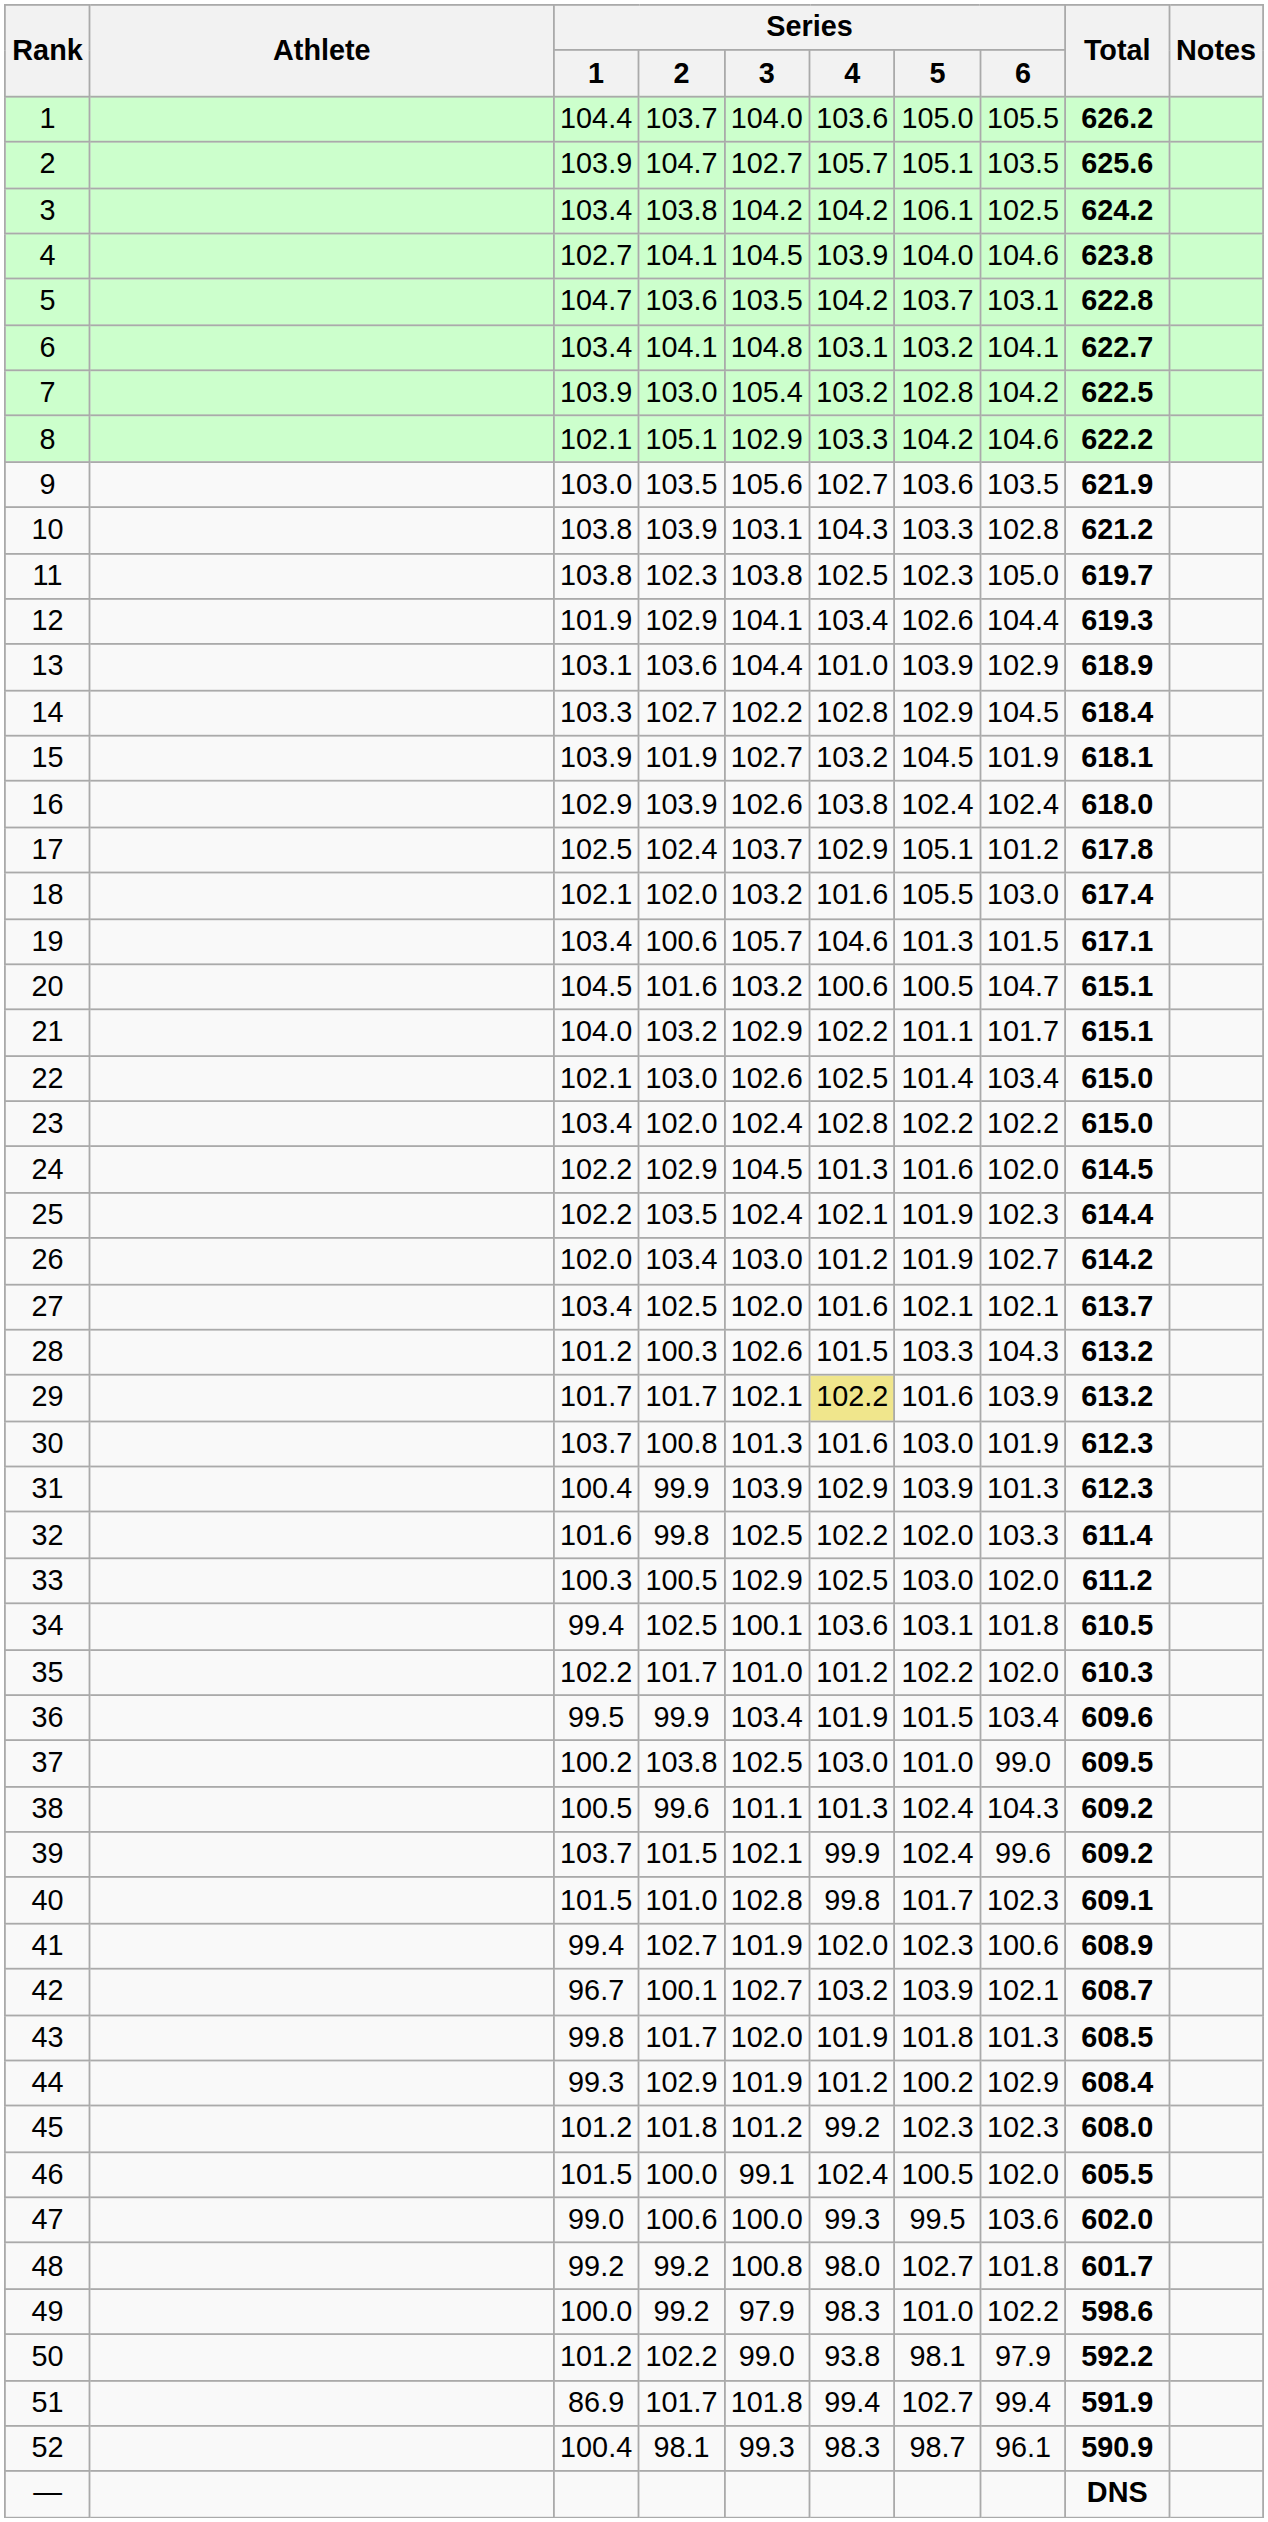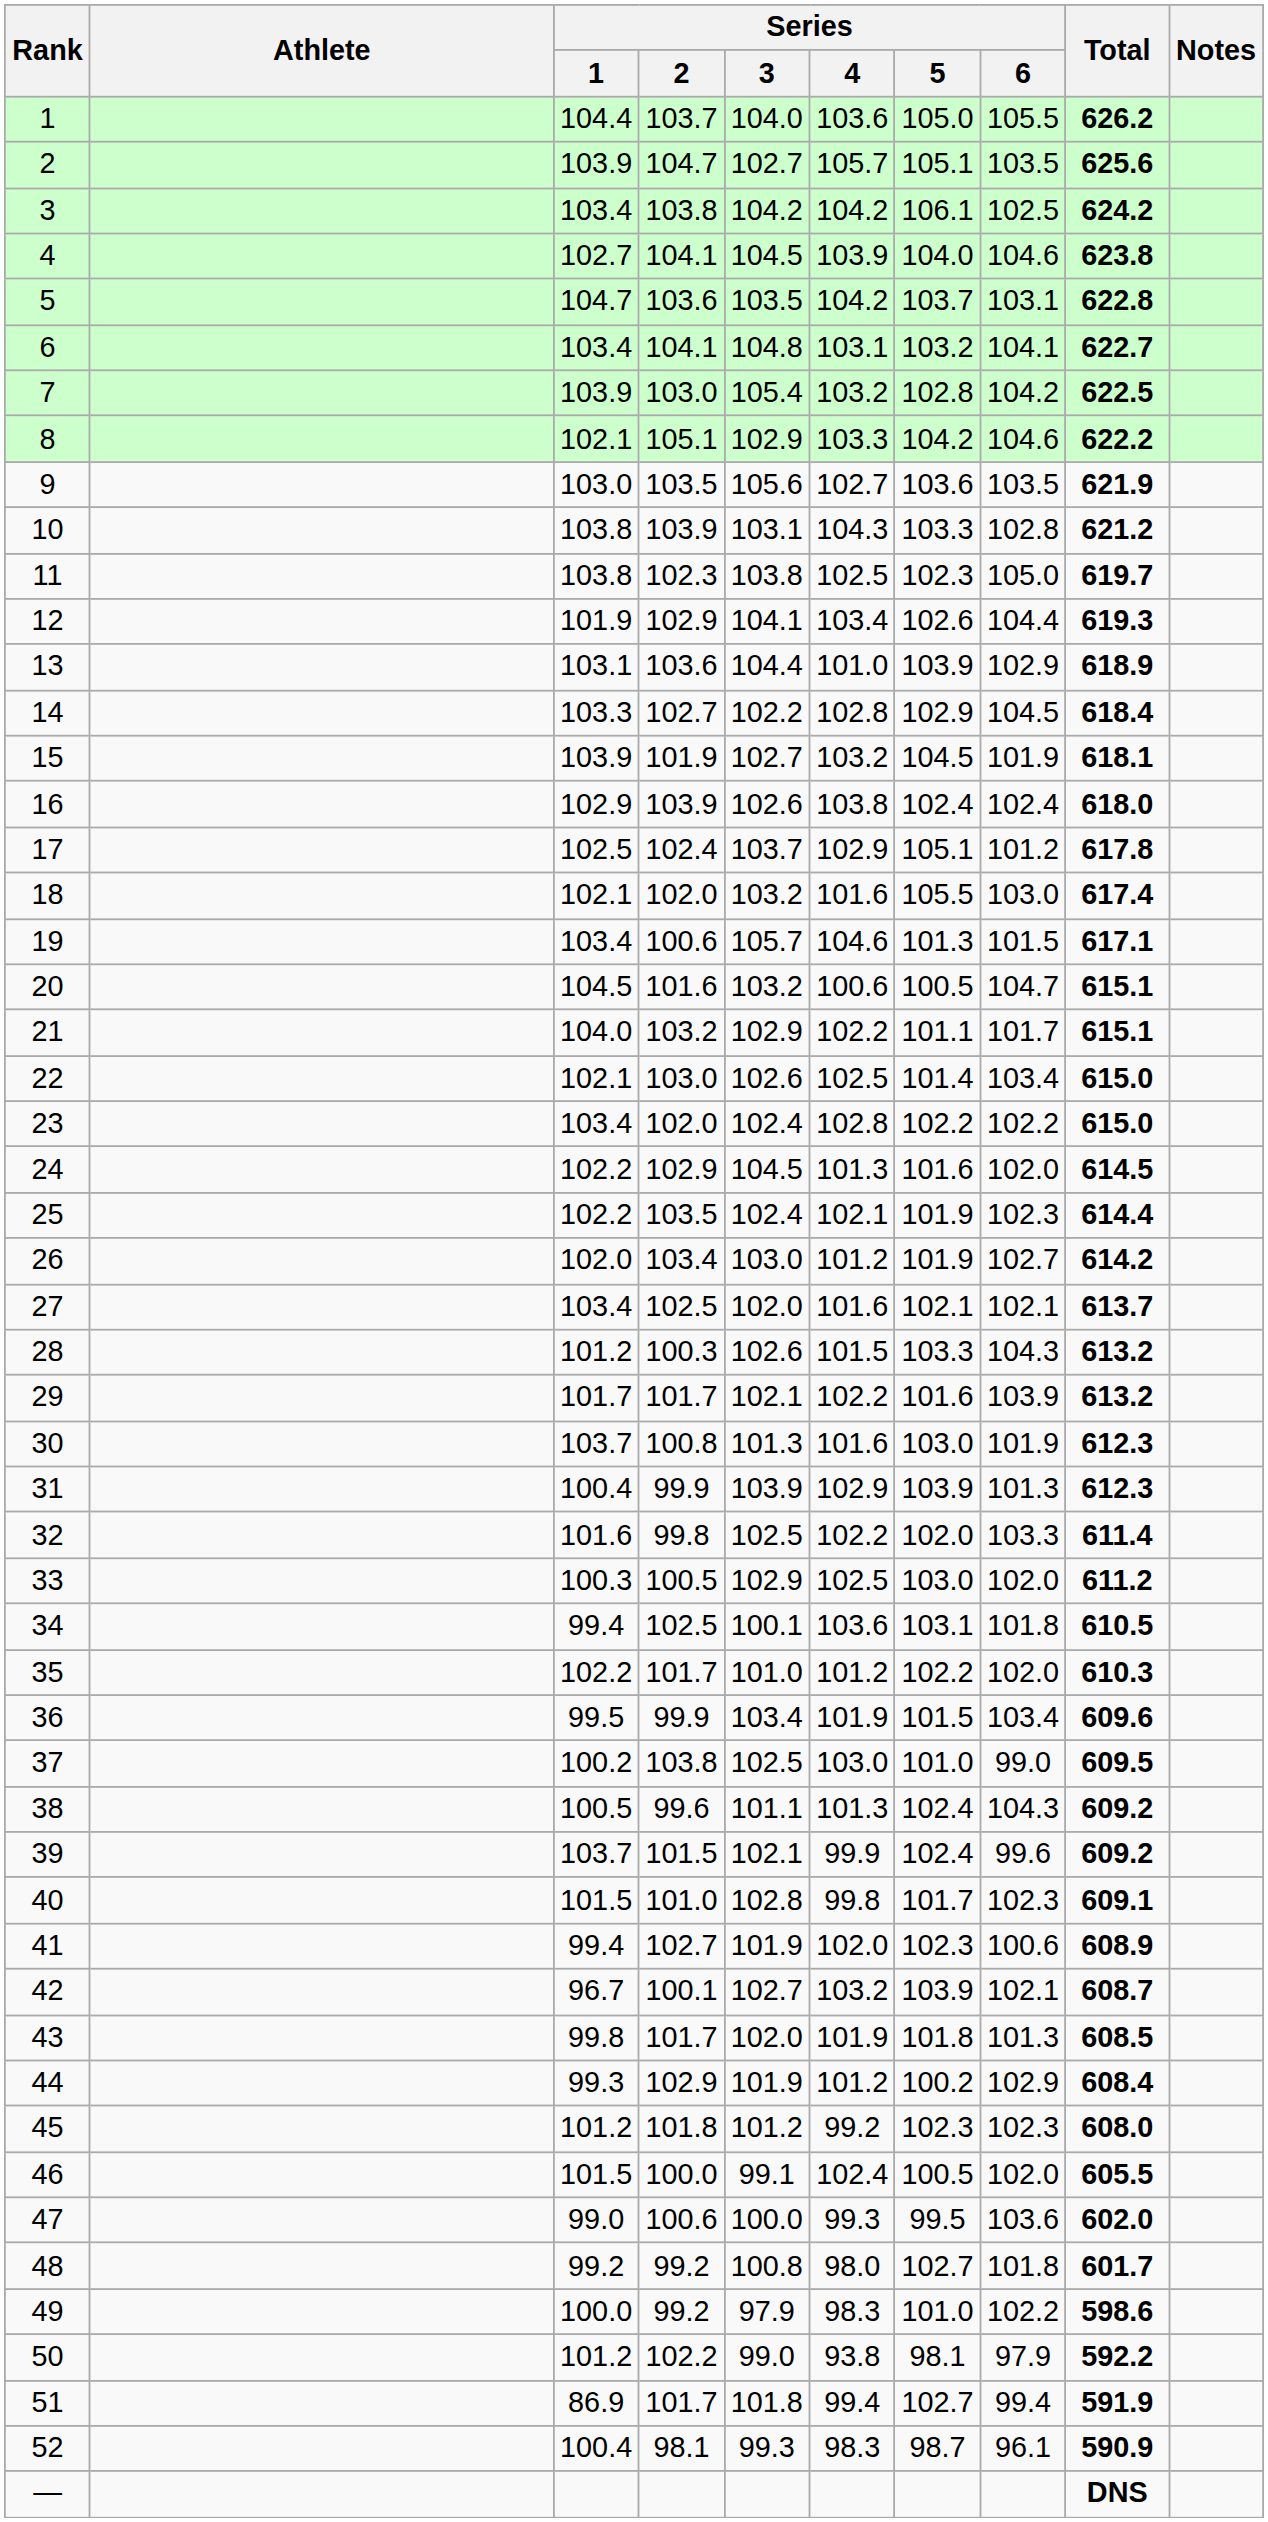 <table class="wikitable" style="text-align:center">
 <tr>
 <th rowspan=2 width=40>Rank</th>
 <th rowspan=2 width=250>Athlete</th>
 <th colspan=6>Series</th>
 <th rowspan=2 width=50>Total</th>
 <th rowspan=2 width=45>Notes</th>
 </tr>
 <tr>
 <th width=40>1</th>
 <th width=40>2</th>
 <th width=40>3</th>
 <th width=40>4</th>
 <th width=40>5</th>
 <th width=40>6</th>
 </tr>
 <tr bgcolor=ccffcc>
 <td>1</td>
 <td align=left></td>
 <td>104.4</td>
 <td>103.7</td>
 <td>104.0</td>
 <td>103.6</td>
 <td>105.0</td>
 <td>105.5</td>
 <td><strong>626.2</strong></td>
 <td></td>
 </tr>
 <tr bgcolor=ccffcc>
 <td>2</td>
 <td align=left></td>
 <td>103.9</td>
 <td>104.7</td>
 <td>102.7</td>
 <td>105.7</td>
 <td>105.1</td>
 <td>103.5</td>
 <td><strong>625.6</strong></td>
 <td></td>
 </tr>
 <tr bgcolor=ccffcc>
 <td>3</td>
 <td align=left></td>
 <td>103.4</td>
 <td>103.8</td>
 <td>104.2</td>
 <td>104.2</td>
 <td>106.1</td>
 <td>102.5</td>
 <td><strong>624.2</strong></td>
 <td></td>
 </tr>
 <tr bgcolor=ccffcc>
 <td>4</td>
 <td align=left></td>
 <td>102.7</td>
 <td>104.1</td>
 <td>104.5</td>
 <td>103.9</td>
 <td>104.0</td>
 <td>104.6</td>
 <td><strong>623.8</strong></td>
 <td></td>
 </tr>
 <tr bgcolor=ccffcc>
 <td>5</td>
 <td align=left></td>
 <td>104.7</td>
 <td>103.6</td>
 <td>103.5</td>
 <td>104.2</td>
 <td>103.7</td>
 <td>103.1</td>
 <td><strong>622.8</strong></td>
 <td></td>
 </tr>
 <tr bgcolor=ccffcc>
 <td>6</td>
 <td align=left></td>
 <td>103.4</td>
 <td>104.1</td>
 <td>104.8</td>
 <td>103.1</td>
 <td>103.2</td>
 <td>104.1</td>
 <td><strong>622.7</strong></td>
 <td></td>
 </tr>
 <tr bgcolor=ccffcc>
 <td>7</td>
 <td align=left></td>
 <td>103.9</td>
 <td>103.0</td>
 <td>105.4</td>
 <td>103.2</td>
 <td>102.8</td>
 <td>104.2</td>
 <td><strong>622.5</strong></td>
 <td></td>
 </tr>
 <tr bgcolor=ccffcc>
 <td>8</td>
 <td align=left></td>
 <td>102.1</td>
 <td>105.1</td>
 <td>102.9</td>
 <td>103.3</td>
 <td>104.2</td>
 <td>104.6</td>
 <td><strong>622.2</strong></td>
 <td></td>
 </tr>
 <tr>
 <td>9</td>
 <td align=left></td>
 <td>103.0</td>
 <td>103.5</td>
 <td>105.6</td>
 <td>102.7</td>
 <td>103.6</td>
 <td>103.5</td>
 <td><strong>621.9</strong></td>
 <td></td>
 </tr>
 <tr>
 <td>10</td>
 <td align=left></td>
 <td>103.8</td>
 <td>103.9</td>
 <td>103.1</td>
 <td>104.3</td>
 <td>103.3</td>
 <td>102.8</td>
 <td><strong>621.2</strong></td>
 <td></td>
 </tr>
 <tr>
 <td>11</td>
 <td align=left></td>
 <td>103.8</td>
 <td>102.3</td>
 <td>103.8</td>
 <td>102.5</td>
 <td>102.3</td>
 <td>105.0</td>
 <td><strong>619.7</strong></td>
 <td></td>
 </tr>
 <tr>
 <td>12</td>
 <td align=left></td>
 <td>101.9</td>
 <td>102.9</td>
 <td>104.1</td>
 <td>103.4</td>
 <td>102.6</td>
 <td>104.4</td>
 <td><strong>619.3</strong></td>
 <td></td>
 </tr>
 <tr>
 <td>13</td>
 <td align=left></td>
 <td>103.1</td>
 <td>103.6</td>
 <td>104.4</td>
 <td>101.0</td>
 <td>103.9</td>
 <td>102.9</td>
 <td><strong>618.9</strong></td>
 <td></td>
 </tr>
 <tr>
 <td>14</td>
 <td align=left></td>
 <td>103.3</td>
 <td>102.7</td>
 <td>102.2</td>
 <td>102.8</td>
 <td>102.9</td>
 <td>104.5</td>
 <td><strong>618.4</strong></td>
 <td></td>
 </tr>
 <tr>
 <td>15</td>
 <td align=left></td>
 <td>103.9</td>
 <td>101.9</td>
 <td>102.7</td>
 <td>103.2</td>
 <td>104.5</td>
 <td>101.9</td>
 <td><strong>618.1</strong></td>
 <td></td>
 </tr>
 <tr>
 <td>16</td>
 <td align=left></td>
 <td>102.9</td>
 <td>103.9</td>
 <td>102.6</td>
 <td>103.8</td>
 <td>102.4</td>
 <td>102.4</td>
 <td><strong>618.0</strong></td>
 <td></td>
 </tr>
 <tr>
 <td>17</td>
 <td align=left></td>
 <td>102.5</td>
 <td>102.4</td>
 <td>103.7</td>
 <td>102.9</td>
 <td>105.1</td>
 <td>101.2</td>
 <td><strong>617.8</strong></td>
 <td></td>
 </tr>
 <tr>
 <td>18</td>
 <td align=left></td>
 <td>102.1</td>
 <td>102.0</td>
 <td>103.2</td>
 <td>101.6</td>
 <td>105.5</td>
 <td>103.0</td>
 <td><strong>617.4</strong></td>
 <td></td>
 </tr>
 <tr>
 <td>19</td>
 <td align=left></td>
 <td>103.4</td>
 <td>100.6</td>
 <td>105.7</td>
 <td>104.6</td>
 <td>101.3</td>
 <td>101.5</td>
 <td><strong>617.1</strong></td>
 <td></td>
 </tr>
 <tr>
 <td>20</td>
 <td align=left></td>
 <td>104.5</td>
 <td>101.6</td>
 <td>103.2</td>
 <td>100.6</td>
 <td>100.5</td>
 <td>104.7</td>
 <td><strong>615.1</strong></td>
 <td></td>
 </tr>
 <tr>
 <td>21</td>
 <td align=left></td>
 <td>104.0</td>
 <td>103.2</td>
 <td>102.9</td>
 <td>102.2</td>
 <td>101.1</td>
 <td>101.7</td>
 <td><strong>615.1</strong></td>
 <td></td>
 </tr>
 <tr>
 <td>22</td>
 <td align=left></td>
 <td>102.1</td>
 <td>103.0</td>
 <td>102.6</td>
 <td>102.5</td>
 <td>101.4</td>
 <td>103.4</td>
 <td><strong>615.0</strong></td>
 <td></td>
 </tr>
 <tr>
 <td>23</td>
 <td align=left></td>
 <td>103.4</td>
 <td>102.0</td>
 <td>102.4</td>
 <td>102.8</td>
 <td>102.2</td>
 <td>102.2</td>
 <td><strong>615.0</strong></td>
 <td></td>
 </tr>
 <tr>
 <td>24</td>
 <td align=left></td>
 <td>102.2</td>
 <td>102.9</td>
 <td>104.5</td>
 <td>101.3</td>
 <td>101.6</td>
 <td>102.0</td>
 <td><strong>614.5</strong></td>
 <td></td>
 </tr>
 <tr>
 <td>25</td>
 <td align=left></td>
 <td>102.2</td>
 <td>103.5</td>
 <td>102.4</td>
 <td>102.1</td>
 <td>101.9</td>
 <td>102.3</td>
 <td><strong>614.4</strong></td>
 <td></td>
 </tr>
 <tr>
 <td>26</td>
 <td align=left></td>
 <td>102.0</td>
 <td>103.4</td>
 <td>103.0</td>
 <td>101.2</td>
 <td>101.9</td>
 <td>102.7</td>
 <td><strong>614.2</strong></td>
 <td></td>
 </tr>
 <tr>
 <td>27</td>
 <td align=left></td>
 <td>103.4</td>
 <td>102.5</td>
 <td>102.0</td>
 <td>101.6</td>
 <td>102.1</td>
 <td>102.1</td>
 <td><strong>613.7</strong></td>
 <td></td>
 </tr>
 <tr>
 <td>28</td>
 <td align=left></td>
 <td>101.2</td>
 <td>100.3</td>
 <td>102.6</td>
 <td>101.5</td>
 <td>103.3</td>
 <td>104.3</td>
 <td><strong>613.2</strong></td>
 <td></td>
 </tr>
 <tr>
 <td>29</td>
 <td align=left></td>
 <td>101.7</td>
 <td>101.7</td>
 <td>102.1</td>
-<td style="background: khaki;">102.2</td>
+<td>102.2</td>
 <td>101.6</td>
 <td>103.9</td>
 <td><strong>613.2</strong></td>
 <td></td>
 </tr>
 <tr>
 <td>30</td>
 <td align=left></td>
 <td>103.7</td>
 <td>100.8</td>
 <td>101.3</td>
 <td>101.6</td>
 <td>103.0</td>
 <td>101.9</td>
 <td><strong>612.3</strong></td>
 <td></td>
 </tr>
 <tr>
 <td>31</td>
 <td align=left></td>
 <td>100.4</td>
 <td>99.9</td>
 <td>103.9</td>
 <td>102.9</td>
 <td>103.9</td>
 <td>101.3</td>
 <td><strong>612.3</strong></td>
 <td></td>
 </tr>
 <tr>
 <td>32</td>
 <td align=left></td>
 <td>101.6</td>
 <td>99.8</td>
 <td>102.5</td>
 <td>102.2</td>
 <td>102.0</td>
 <td>103.3</td>
 <td><strong>611.4</strong></td>
 <td></td>
 </tr>
 <tr>
 <td>33</td>
 <td align=left></td>
 <td>100.3</td>
 <td>100.5</td>
 <td>102.9</td>
 <td>102.5</td>
 <td>103.0</td>
 <td>102.0</td>
 <td><strong>611.2</strong></td>
 <td></td>
 </tr>
 <tr>
 <td>34</td>
 <td align=left></td>
 <td>99.4</td>
 <td>102.5</td>
 <td>100.1</td>
 <td>103.6</td>
 <td>103.1</td>
 <td>101.8</td>
 <td><strong>610.5</strong></td>
 <td></td>
 </tr>
 <tr>
 <td>35</td>
 <td align=left></td>
 <td>102.2</td>
 <td>101.7</td>
 <td>101.0</td>
 <td>101.2</td>
 <td>102.2</td>
 <td>102.0</td>
 <td><strong>610.3</strong></td>
 <td></td>
 </tr>
 <tr>
 <td>36</td>
 <td align=left></td>
 <td>99.5</td>
 <td>99.9</td>
 <td>103.4</td>
 <td>101.9</td>
 <td>101.5</td>
 <td>103.4</td>
 <td><strong>609.6</strong></td>
 <td></td>
 </tr>
 <tr>
 <td>37</td>
 <td align=left></td>
 <td>100.2</td>
 <td>103.8</td>
 <td>102.5</td>
 <td>103.0</td>
 <td>101.0</td>
 <td>99.0</td>
 <td><strong>609.5</strong></td>
 <td></td>
 </tr>
 <tr>
 <td>38</td>
 <td align=left></td>
 <td>100.5</td>
 <td>99.6</td>
 <td>101.1</td>
 <td>101.3</td>
 <td>102.4</td>
 <td>104.3</td>
 <td><strong>609.2</strong></td>
 <td></td>
 </tr>
 <tr>
 <td>39</td>
 <td align=left></td>
 <td>103.7</td>
 <td>101.5</td>
 <td>102.1</td>
 <td>99.9</td>
 <td>102.4</td>
 <td>99.6</td>
 <td><strong>609.2</strong></td>
 <td></td>
 </tr>
 <tr>
 <td>40</td>
 <td align=left></td>
 <td>101.5</td>
 <td>101.0</td>
 <td>102.8</td>
 <td>99.8</td>
 <td>101.7</td>
 <td>102.3</td>
 <td><strong>609.1</strong></td>
 <td></td>
 </tr>
 <tr>
 <td>41</td>
 <td align=left></td>
 <td>99.4</td>
 <td>102.7</td>
 <td>101.9</td>
 <td>102.0</td>
 <td>102.3</td>
 <td>100.6</td>
 <td><strong>608.9</strong></td>
 <td></td>
 </tr>
 <tr>
 <td>42</td>
 <td align=left></td>
 <td>96.7</td>
 <td>100.1</td>
 <td>102.7</td>
 <td>103.2</td>
 <td>103.9</td>
 <td>102.1</td>
 <td><strong>608.7</strong></td>
 <td></td>
 </tr>
 <tr>
 <td>43</td>
 <td align=left></td>
 <td>99.8</td>
 <td>101.7</td>
 <td>102.0</td>
 <td>101.9</td>
 <td>101.8</td>
 <td>101.3</td>
 <td><strong>608.5</strong></td>
 <td></td>
 </tr>
 <tr>
 <td>44</td>
 <td align=left></td>
 <td>99.3</td>
 <td>102.9</td>
 <td>101.9</td>
 <td>101.2</td>
 <td>100.2</td>
 <td>102.9</td>
 <td><strong>608.4</strong></td>
 <td></td>
 </tr>
 <tr>
 <td>45</td>
 <td align=left></td>
 <td>101.2</td>
 <td>101.8</td>
 <td>101.2</td>
 <td>99.2</td>
 <td>102.3</td>
 <td>102.3</td>
 <td><strong>608.0</strong></td>
 <td></td>
 </tr>
 <tr>
 <td>46</td>
 <td align=left></td>
 <td>101.5</td>
 <td>100.0</td>
 <td>99.1</td>
 <td>102.4</td>
 <td>100.5</td>
 <td>102.0</td>
 <td><strong>605.5</strong></td>
 <td></td>
 </tr>
 <tr>
 <td>47</td>
 <td align=left></td>
 <td>99.0</td>
 <td>100.6</td>
 <td>100.0</td>
 <td>99.3</td>
 <td>99.5</td>
 <td>103.6</td>
 <td><strong>602.0</strong></td>
 <td></td>
 </tr>
 <tr>
 <td>48</td>
 <td align=left></td>
 <td>99.2</td>
 <td>99.2</td>
 <td>100.8</td>
 <td>98.0</td>
 <td>102.7</td>
 <td>101.8</td>
 <td><strong>601.7</strong></td>
 <td></td>
 </tr>
 <tr>
 <td>49</td>
 <td align=left></td>
 <td>100.0</td>
 <td>99.2</td>
 <td>97.9</td>
 <td>98.3</td>
 <td>101.0</td>
 <td>102.2</td>
 <td><strong>598.6</strong></td>
 <td></td>
 </tr>
 <tr>
 <td>50</td>
 <td align=left></td>
 <td>101.2</td>
 <td>102.2</td>
 <td>99.0</td>
 <td>93.8</td>
 <td>98.1</td>
 <td>97.9</td>
 <td><strong>592.2</strong></td>
 <td></td>
 </tr>
 <tr>
 <td>51</td>
 <td align=left></td>
 <td>86.9</td>
 <td>101.7</td>
 <td>101.8</td>
 <td>99.4</td>
 <td>102.7</td>
 <td>99.4</td>
 <td><strong>591.9</strong></td>
 <td></td>
 </tr>
 <tr>
 <td>52</td>
 <td align=left></td>
 <td>100.4</td>
 <td>98.1</td>
 <td>99.3</td>
 <td>98.3</td>
 <td>98.7</td>
 <td>96.1</td>
 <td><strong>590.9</strong></td>
 <td></td>
 </tr>
 <tr>
 <td>—</td>
 <td align=left></td>
 <td></td>
 <td></td>
 <td></td>
 <td></td>
 <td></td>
 <td></td>
 <td><strong>DNS</strong></td>
 <td></td>
 </tr>
 </table>
